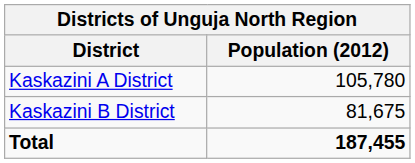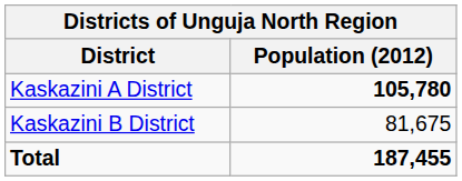 <table class="wikitable">
 <tr>
 <th colspan="3">Districts of Unguja North Region</th>
 </tr>
 <tr style="text-align:center;">
 <th style="width: 10em">District</th>
 <th style="width: 10em">Population (2012)</th>
 </tr>
 <tr>
 <td><a href='#'>Kaskazini A District</a></td>
-<td style="text-align:right;">105,780</td>
+<td style="text-align:right;"><strong>105,780</strong></td>
 </tr>
 <tr>
 <td><a href='#'>Kaskazini B District</a></td>
 <td style="text-align:right;">81,675</td>
 </tr>
 <tr>
 <td><strong>Total</strong></td>
 <td style="text-align:right;"><strong>187,455</strong></td>
 </tr>
 </table>
